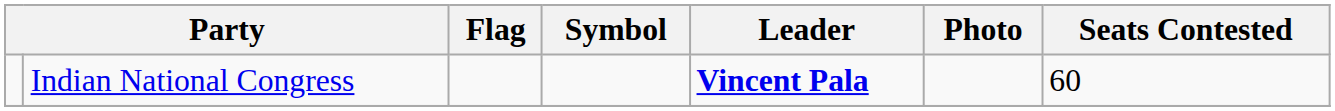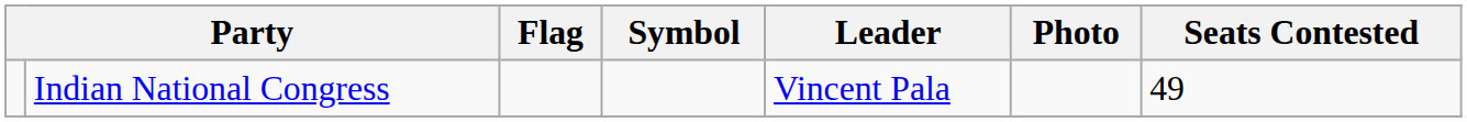 <table class="wikitable"  width="53%">
 <tr>
 <th colspan="2">Party</th>
 <th>Flag</th>
 <th>Symbol</th>
 <th>Leader</th>
 <th>Photo</th>
 <th>Seats Contested</th>
 </tr>
 <tr>
 <td style="text-align:center; background:"></td>
 <td><a href='#'>Indian National Congress</a></td>
 <td></td>
 <td></td>
-<td><strong><a href='#'>Vincent Pala</a></strong></td>
+<td><a href='#'>Vincent Pala</a></td>
 <td></td>
-<td>60</td>
+<td>49</td>
 </tr>
 <tr>
 </tr>
 </table>
